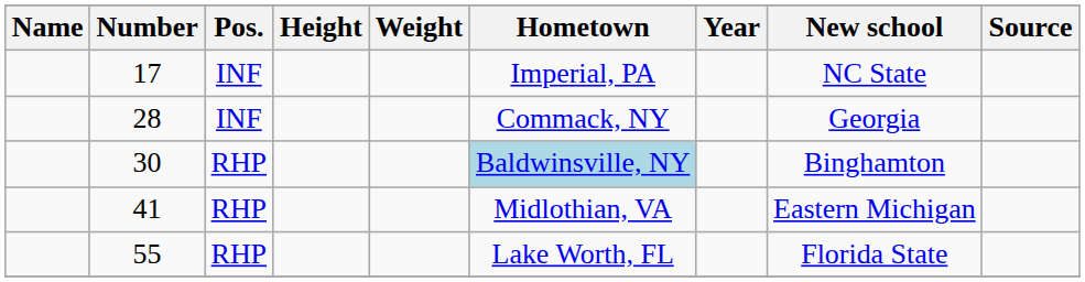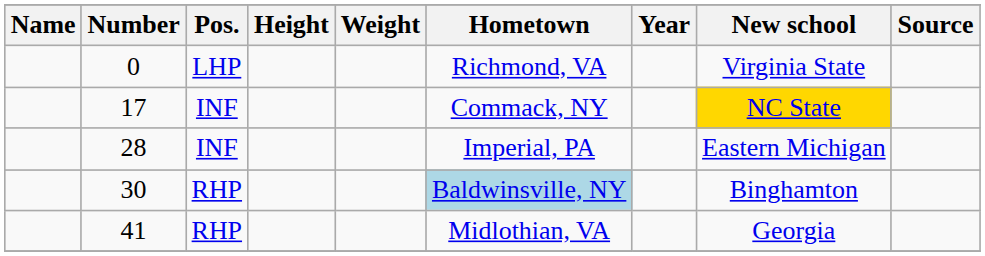 <table class="wikitable sortable" style="text-align: center">
 <tr>
 </tr>
 <tr>
 <th>Name</th>
 <th>Number</th>
 <th>Pos.</th>
 <th>Height</th>
 <th>Weight</th>
 <th>Hometown</th>
 <th>Year</th>
 <th>New school</th>
 <th>Source</th>
 </tr>
 <tr>
 <td></td>
+<td>0</td>
+<td><a href='#'>LHP</a></td>
+<td></td>
+<td></td>
+<td><a href='#'>Richmond, VA</a></td>
+<td></td>
+<td><a href='#'>Virginia State</a></td>
+<td></td>
+</tr>
+<tr>
+<td></td>
 <td>17</td>
 <td><a href='#'>INF</a></td>
 <td></td>
 <td></td>
-<td><a href='#'>Imperial, PA</a></td>
+<td><a href='#'>Commack, NY</a></td>
 <td></td>
-<td><a href='#'>NC State</a></td>
+<td style="background: gold;"><a href='#'>NC State</a></td>
 <td></td>
 </tr>
 <tr>
 <td></td>
 <td>28</td>
 <td><a href='#'>INF</a></td>
 <td></td>
 <td></td>
-<td><a href='#'>Commack, NY</a></td>
+<td><a href='#'>Imperial, PA</a></td>
 <td></td>
-<td><a href='#'>Georgia</a></td>
+<td><a href='#'>Eastern Michigan</a></td>
 <td></td>
 </tr>
 <tr>
 <td></td>
 <td>30</td>
 <td><a href='#'>RHP</a></td>
 <td></td>
 <td></td>
 <td style="background: lightblue;"><a href='#'>Baldwinsville, NY</a></td>
 <td></td>
 <td><a href='#'>Binghamton</a></td>
 <td></td>
 </tr>
 <tr>
 <td></td>
 <td>41</td>
 <td><a href='#'>RHP</a></td>
 <td></td>
 <td></td>
 <td><a href='#'>Midlothian, VA</a></td>
 <td></td>
-<td><a href='#'>Eastern Michigan</a></td>
-<td></td>
-</tr>
-<tr>
-<td></td>
-<td>55</td>
-<td><a href='#'>RHP</a></td>
-<td></td>
-<td></td>
-<td><a href='#'>Lake Worth, FL</a></td>
-<td></td>
-<td><a href='#'>Florida State</a></td>
+<td><a href='#'>Georgia</a></td>
 <td></td>
 </tr>
 <tr>
 </tr>
 </table>
